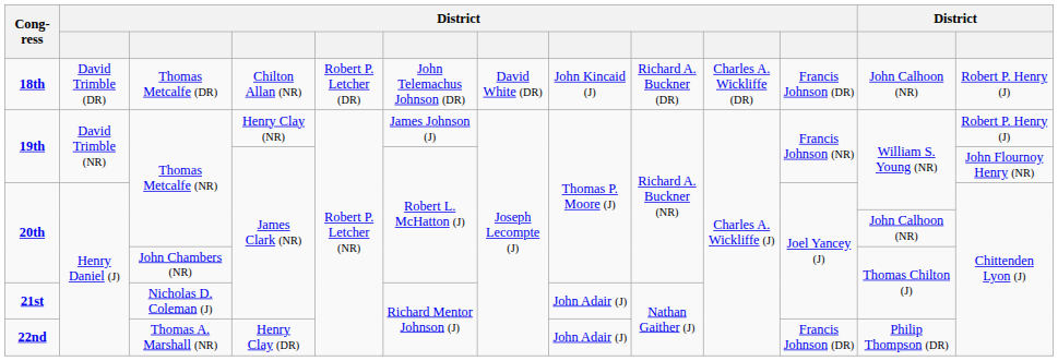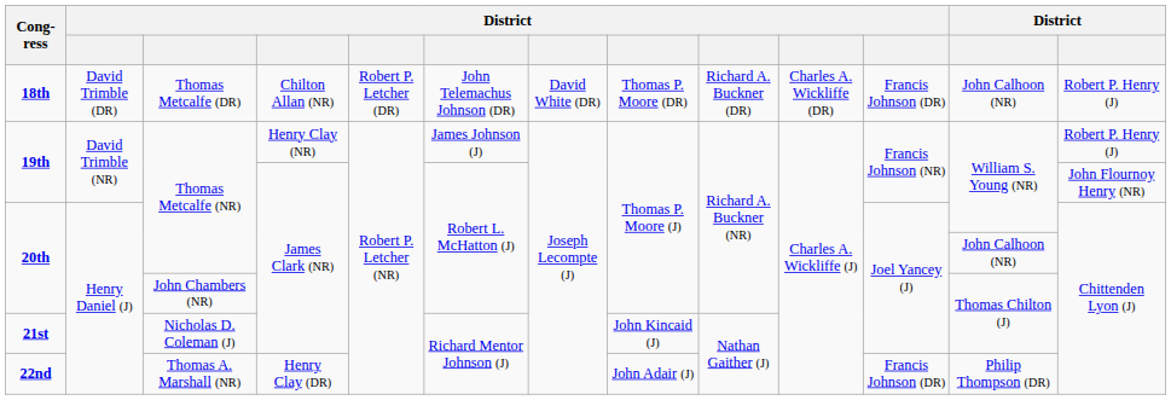 <table class=wikitable style="text-align:center">
 <tr style="height:2em">
 <th rowspan=2>Cong­ress</th>
 <th colspan=10>District</th>
 <th colspan=2>District</th>
 </tr>
 <tr style="height:2em">
 <th></th>
 <th></th>
 <th></th>
 <th></th>
 <th></th>
 <th></th>
 <th></th>
 <th></th>
 <th></th>
 <th></th>
 <th></th>
 <th></th>
 </tr>
 <tr style="height:2em" style="height:2em">
 <td><strong><a href='#'>18th</a></strong><br></td>
 <td><a href='#'>David<br>Trimble</a> <small>(DR)</small></td>
 <td><a href='#'>Thomas<br>Metcalfe</a> <small>(DR)</small></td>
 <td><a href='#'>Chilton<br>Allan</a> <small>(NR)</small></td>
 <td><a href='#'>Robert P.<br>Letcher</a> <small>(DR)</small></td>
 <td><a href='#'>John Telemachus<br>Johnson</a> <small>(DR)</small></td>
 <td><a href='#'>David<br>White</a> <small>(DR)</small></td>
-<td><a href='#'>John Kincaid</a> <small>(J)</small></td>
+<td><a href='#'>Thomas P.<br>Moore</a> <small>(DR)</small></td>
 <td><a href='#'>Richard A.<br>Buckner</a> <small>(DR)</small></td>
 <td><a href='#'>Charles A.<br>Wickliffe</a> <small>(DR)</small></td>
 <td><a href='#'>Francis<br>Johnson</a> <small>(DR)</small></td>
 <td><a href='#'>John Calhoon</a> <small>(NR)</small></td>
 <td><a href='#'>Robert P. Henry</a> <small>(J)</small></td>
 </tr>
 <tr style="height:2em" style="height:2em">
 <td rowspan=2><strong><a href='#'>19th</a></strong><br></td>
 <td rowspan=2 ><a href='#'>David<br>Trimble</a> <small>(NR)</small></td>
 <td rowspan="4" ><a href='#'>Thomas<br>Metcalfe</a> <small>(NR)</small></td>
 <td><a href='#'>Henry Clay</a> <small>(NR)</small></td>
 <td rowspan="7" ><a href='#'>Robert P.<br>Letcher</a> <small>(NR)</small></td>
 <td><a href='#'>James Johnson</a> <small>(J)</small></td>
 <td rowspan=7 ><a href='#'>Joseph<br>Lecompte</a> <small>(J)</small></td>
 <td rowspan=5 ><a href='#'>Thomas P.<br>Moore</a> <small>(J)</small></td>
 <td rowspan="5" ><a href='#'>Richard A.<br>Buckner</a> <small>(NR)</small></td>
 <td rowspan=7 ><a href='#'>Charles A.<br>Wickliffe</a> <small>(J)</small></td>
 <td rowspan=2 ><a href='#'>Francis<br>Johnson</a> <small>(NR)</small></td>
 <td rowspan="3" ><a href='#'>William S.<br>Young</a> <small>(NR)</small></td>
 <td><a href='#'>Robert P. Henry</a> <small>(J)</small></td>
 </tr>
 <tr style="height:2em" style="height:2em">
 <td rowspan="5" ><a href='#'>James<br>Clark</a> <small>(NR)</small></td>
 <td rowspan=4 ><a href='#'>Robert L.<br>McHatton</a> <small>(J)</small></td>
 <td><a href='#'>John Flournoy<br>Henry</a> <small>(NR)</small></td>
 </tr>
 <tr style="height:2em" style="height:2em">
 <td rowspan=3><strong><a href='#'>20th</a></strong><br></td>
 <td rowspan=5 ><a href='#'>Henry<br>Daniel</a> <small>(J)</small></td>
 <td rowspan=4 ><a href='#'>Joel Yancey</a> <small>(J)</small></td>
 <td rowspan=5 ><a href='#'>Chittenden<br>Lyon</a> <small>(J)</small></td>
 </tr>
 <tr style="height:2em" style="height:2em">
 <td><a href='#'>John Calhoon</a> <small>(NR)</small></td>
 </tr>
 <tr style="height:2em" style="height:2em">
 <td><a href='#'>John Chambers</a> <small>(NR)</small></td>
 <td rowspan=2 ><a href='#'>Thomas Chilton</a> <small>(J)</small></td>
 </tr>
 <tr style="height:2em" style="height:2em">
 <td><strong><a href='#'>21st</a></strong><br></td>
 <td><a href='#'>Nicholas D.<br>Coleman</a> <small>(J)</small></td>
 <td rowspan=2 ><a href='#'>Richard Mentor<br>Johnson</a> <small>(J)</small></td>
-<td><a href='#'>John Adair</a> <small>(J)</small></td>
+<td><a href='#'>John Kincaid</a> <small>(J)</small></td>
 <td rowspan=2 ><a href='#'>Nathan<br>Gaither</a> <small>(J)</small></td>
 </tr>
 <tr style="height:2em" style="height:2em">
 <td><strong><a href='#'>22nd</a></strong><br></td>
 <td><a href='#'>Thomas A.<br>Marshall</a> <small>(NR)</small></td>
 <td><a href='#'>Henry<br>Clay</a> <small>(DR)</small></td>
 <td><a href='#'>John Adair</a> <small>(J)</small></td>
 <td><a href='#'>Francis<br>Johnson</a> <small>(DR)</small></td>
 <td><a href='#'>Philip<br>Thompson</a> <small>(DR)</small></td>
 </tr>
 </table>
